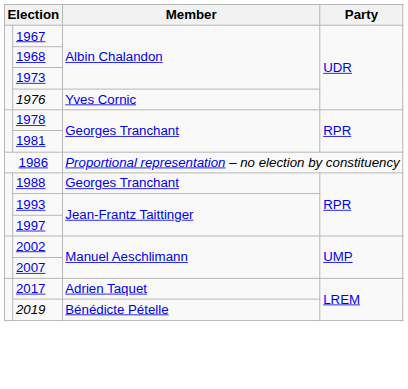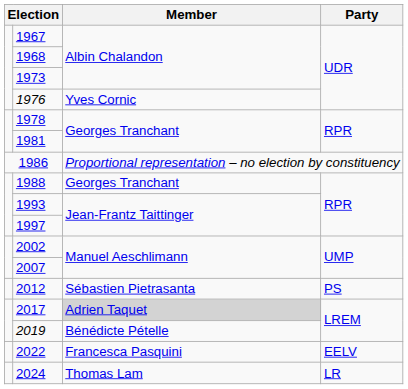 <table class="wikitable">
 <tr>
 <th colspan="2">Election</th>
 <th>Member</th>
 <th>Party</th>
 </tr>
 <tr>
 <td rowspan="4" style="color:inherit;background-color: "></td>
 <td><a href='#'>1967</a></td>
 <td rowspan="3"><a href='#'>Albin Chalandon</a></td>
 <td rowspan="4"><a href='#'>UDR</a></td>
 </tr>
 <tr>
 <td><a href='#'>1968</a></td>
 </tr>
 <tr>
 <td><a href='#'>1973</a></td>
 </tr>
 <tr>
 <td><em>1976</em></td>
 <td><a href='#'>Yves Cornic</a></td>
 </tr>
 <tr>
 <td rowspan="2" style="color:inherit;background-color: "></td>
 <td><a href='#'>1978</a></td>
 <td rowspan="2"><a href='#'>Georges Tranchant</a></td>
 <td rowspan="2"><a href='#'>RPR</a></td>
 </tr>
 <tr>
 <td><a href='#'>1981</a></td>
 </tr>
 <tr>
 <td colspan="2" align="center"><a href='#'>1986</a></td>
 <td colspan="2"><em><a href='#'>Proportional representation</a> – no election by constituency</em></td>
 </tr>
 <tr>
 <td rowspan="3" style="color:inherit;background-color: "></td>
 <td><a href='#'>1988</a></td>
 <td><a href='#'>Georges Tranchant</a></td>
 <td rowspan="3"><a href='#'>RPR</a></td>
 </tr>
 <tr>
 <td><a href='#'>1993</a></td>
 <td rowspan="2"><a href='#'>Jean-Frantz Taittinger</a></td>
 </tr>
 <tr>
 <td><a href='#'>1997</a></td>
 </tr>
 <tr>
 <td rowspan="2" style="color:inherit;background-color: "></td>
 <td><a href='#'>2002</a></td>
 <td rowspan="2"><a href='#'>Manuel Aeschlimann</a></td>
 <td rowspan="2"><a href='#'>UMP</a></td>
 </tr>
 <tr>
 <td><a href='#'>2007</a></td>
 </tr>
 <tr>
+<td style="color:inherit;background-color: "></td>
+<td><a href='#'>2012</a></td>
+<td><a href='#'>Sébastien Pietrasanta</a></td>
+<td><a href='#'>PS</a></td>
+</tr>
+<tr>
 <td rowspan="2" style="color:inherit;background-color: "></td>
 <td><a href='#'>2017</a></td>
-<td><a href='#'>Adrien Taquet</a></td>
+<td style="background: lightgrey;"><a href='#'>Adrien Taquet</a></td>
 <td rowspan="2"><a href='#'>LREM</a></td>
 </tr>
 <tr>
 <td><em>2019</em></td>
 <td><a href='#'>Bénédicte Pételle</a></td>
 </tr>
+<tr>
+<td style="color:inherit;background-color: "></td>
+<td><a href='#'>2022</a></td>
+<td><a href='#'>Francesca Pasquini</a></td>
+<td><a href='#'>EELV</a></td>
+</tr>
+<tr>
+<td style="color:inherit;background-color: "></td>
+<td><a href='#'>2024</a></td>
+<td><a href='#'>Thomas Lam</a></td>
+<td><a href='#'>LR</a></td>
+</tr>
 </table>
